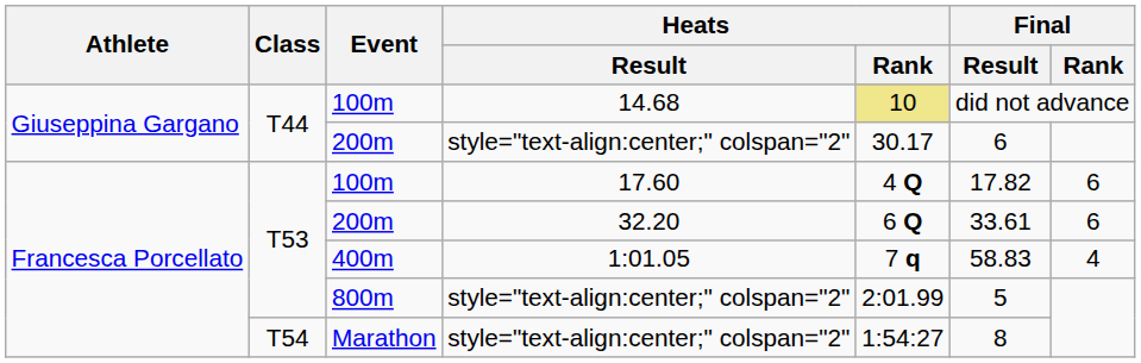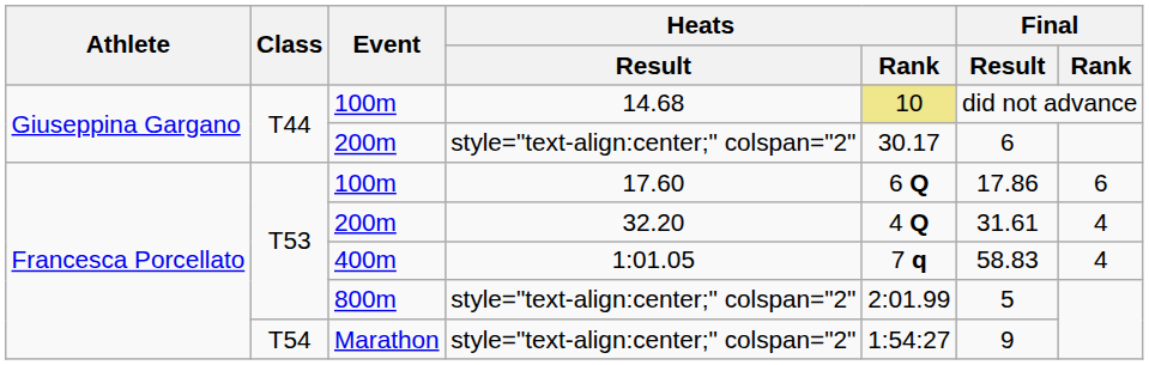 <table class=wikitable style="font-size:90%">
 <tr>
 <th rowspan="2">Athlete</th>
 <th rowspan="2">Class</th>
 <th rowspan="2">Event</th>
 <th colspan="2">Heats</th>
 <th colspan="2">Final</th>
 </tr>
 <tr>
 <th>Result</th>
 <th>Rank</th>
 <th>Result</th>
 <th>Rank</th>
 </tr>
 <tr>
 <td rowspan="2"><a href='#'>Giuseppina Gargano</a></td>
 <td rowspan="2" style="text-align:center;">T44</td>
 <td><a href='#'>100m</a></td>
 <td style="text-align:center;">14.68</td>
 <td style="background: khaki; text-align:center;">10</td>
 <td style="text-align:center;" colspan="4">did not advance</td>
 </tr>
 <tr>
 <td><a href='#'>200m</a></td>
 <td>style="text-align:center;" colspan="2" </td>
 <td style="text-align:center;">30.17</td>
 <td style="text-align:center;">6</td>
 </tr>
 <tr>
 <td rowspan="5"><a href='#'>Francesca Porcellato</a></td>
 <td rowspan="4" style="text-align:center;">T53</td>
 <td><a href='#'>100m</a></td>
 <td style="text-align:center;">17.60</td>
-<td style="text-align:center;">4 <strong>Q</strong></td>
-<td style="text-align:center;">17.82</td>
+<td style="text-align:center;">6 <strong>Q</strong></td>
+<td style="text-align:center;">17.86</td>
 <td style="text-align:center;">6</td>
 </tr>
 <tr>
 <td><a href='#'>200m</a></td>
 <td style="text-align:center;">32.20</td>
-<td style="text-align:center;">6 <strong>Q</strong></td>
-<td style="text-align:center;">33.61</td>
-<td style="text-align:center;">6</td>
+<td style="text-align:center;">4 <strong>Q</strong></td>
+<td style="text-align:center;">31.61</td>
+<td style="text-align:center;">4</td>
 </tr>
 <tr>
 <td><a href='#'>400m</a></td>
 <td style="text-align:center;">1:01.05</td>
 <td style="text-align:center;">7 <strong>q</strong></td>
 <td style="text-align:center;">58.83</td>
 <td style="text-align:center;">4</td>
 </tr>
 <tr>
 <td><a href='#'>800m</a></td>
 <td>style="text-align:center;" colspan="2" </td>
 <td style="text-align:center;">2:01.99</td>
 <td style="text-align:center;">5</td>
 </tr>
 <tr>
 <td style="text-align:center;">T54</td>
 <td><a href='#'>Marathon</a></td>
 <td>style="text-align:center;" colspan="2" </td>
 <td style="text-align:center;">1:54:27</td>
-<td style="text-align:center;">8</td>
+<td style="text-align:center;">9</td>
 </tr>
 </table>
